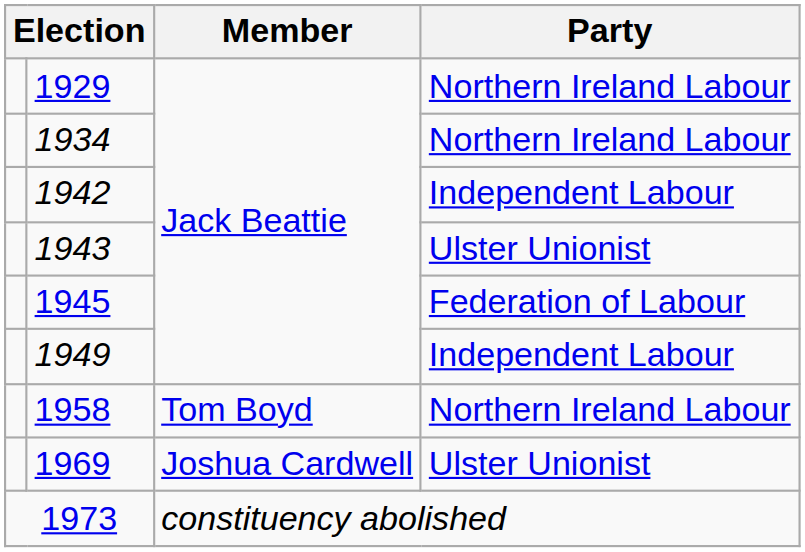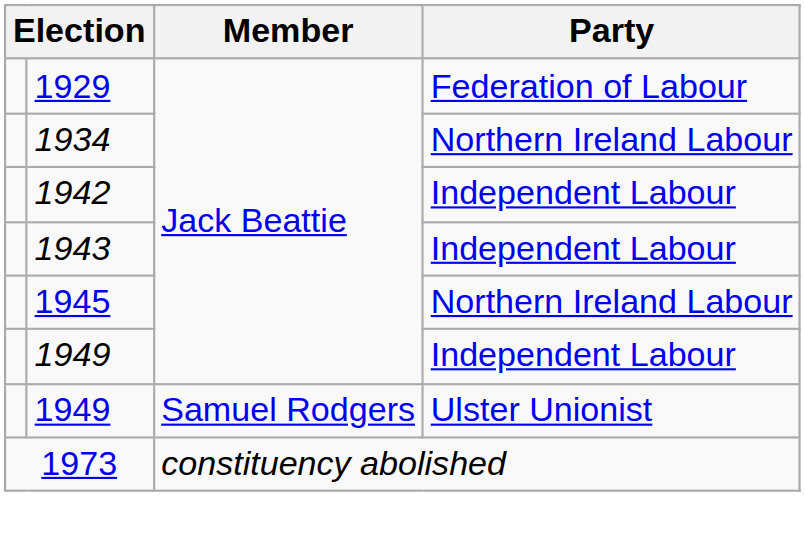 <table class="wikitable">
 <tr>
 <th colspan="2">Election</th>
 <th>Member</th>
 <th>Party</th>
 </tr>
 <tr>
 <td style="background-color: "></td>
 <td><a href='#'>1929</a></td>
 <td rowspan="6"><a href='#'>Jack Beattie</a></td>
-<td><a href='#'>Northern Ireland Labour</a></td>
+<td><a href='#'>Federation of Labour</a></td>
 </tr>
 <tr>
 <td style="background-color: "></td>
 <td><em>1934</em></td>
 <td><a href='#'>Northern Ireland Labour</a></td>
 </tr>
 <tr>
 <td style="background-color: "></td>
 <td><em>1942</em></td>
 <td><a href='#'>Independent Labour</a></td>
 </tr>
 <tr>
 <td style="background-color: "></td>
 <td><em>1943</em></td>
-<td><a href='#'>Ulster Unionist</a></td>
+<td><a href='#'>Independent Labour</a></td>
 </tr>
 <tr>
 <td style="background-color: "></td>
 <td><a href='#'>1945</a></td>
-<td><a href='#'>Federation of Labour</a></td>
+<td><a href='#'>Northern Ireland Labour</a></td>
 </tr>
 <tr>
 <td style="background-color: "></td>
 <td><em>1949</em></td>
 <td><a href='#'>Independent Labour</a></td>
 </tr>
 <tr>
 <td style="background-color: "></td>
-<td><a href='#'>1958</a></td>
-<td><a href='#'>Tom Boyd</a></td>
-<td><a href='#'>Northern Ireland Labour</a></td>
-</tr>
-<tr>
-<td style="background-color: "></td>
-<td><a href='#'>1969</a></td>
-<td><a href='#'>Joshua Cardwell</a></td>
+<td><a href='#'>1949</a></td>
+<td><a href='#'>Samuel Rodgers</a></td>
 <td><a href='#'>Ulster Unionist</a></td>
 </tr>
 <tr>
 <td colspan="2" align="center"><a href='#'>1973</a></td>
 <td colspan="2"><em>constituency abolished</em></td>
 </tr>
 </table>
